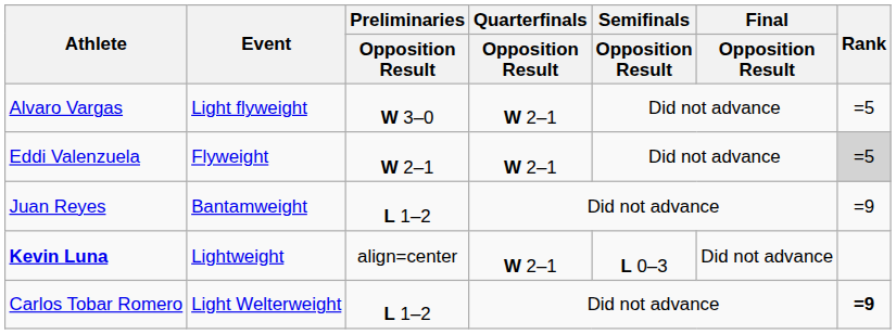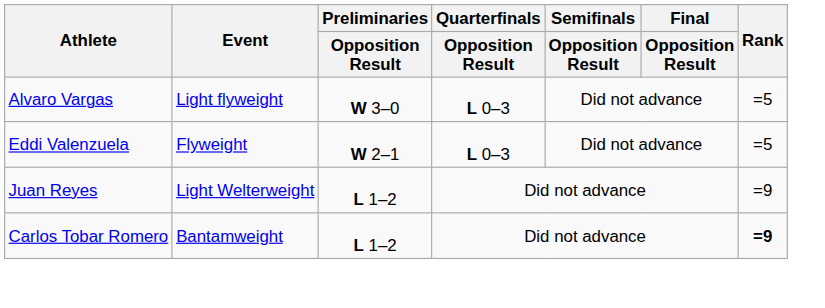 <table class="wikitable" border="1" style="font-size:90%">
 <tr>
 <th rowspan=2>Athlete</th>
 <th rowspan=2>Event</th>
 <th>Preliminaries</th>
 <th>Quarterfinals</th>
 <th>Semifinals</th>
 <th>Final</th>
 <th rowspan="2">Rank</th>
 </tr>
 <tr>
 <th>Opposition<br>Result</th>
 <th>Opposition<br>Result</th>
 <th>Opposition<br>Result</th>
 <th>Opposition<br>Result</th>
 </tr>
 <tr align=center>
 <td align=left><a href='#'>Alvaro Vargas</a></td>
 <td align=left><a href='#'>Light flyweight</a></td>
 <td><br><strong>W</strong> 3–0</td>
-<td><br><strong>W</strong> 2–1</td>
+<td><br><strong>L</strong> 0–3</td>
 <td colspan=2>Did not advance</td>
 <td>=5</td>
 </tr>
 <tr align=center>
 <td align=left><a href='#'>Eddi Valenzuela</a></td>
 <td align=left><a href='#'>Flyweight</a></td>
 <td><br><strong>W</strong> 2–1</td>
-<td><br><strong>W</strong> 2–1</td>
+<td><br><strong>L</strong> 0–3</td>
 <td colspan=2>Did not advance</td>
-<td style="background: lightgrey;">=5</td>
+<td>=5</td>
 </tr>
 <tr align=center>
 <td align=left><a href='#'>Juan Reyes</a></td>
-<td align=left><a href='#'>Bantamweight</a></td>
+<td align=left><a href='#'>Light Welterweight</a></td>
 <td><br><strong>L</strong> 1–2</td>
 <td colspan=3>Did not advance</td>
 <td>=9</td>
 </tr>
 <tr align=center>
-<td align=left><strong><a href='#'>Kevin Luna</a></strong></td>
-<td align=left><a href='#'>Lightweight</a></td>
-<td>align=center </td>
-<td><br><strong>W</strong> 2–1</td>
-<td><br><strong>L</strong> 0–3</td>
-<td>Did not advance</td>
-<td></td>
-</tr>
-<tr align=center>
 <td align=left><a href='#'>Carlos Tobar Romero</a></td>
-<td align=left><a href='#'>Light Welterweight</a></td>
+<td align=left><a href='#'>Bantamweight</a></td>
 <td><br><strong>L</strong> 1–2</td>
 <td colspan=3>Did not advance</td>
 <td><strong>=9</strong></td>
 </tr>
 </table>
